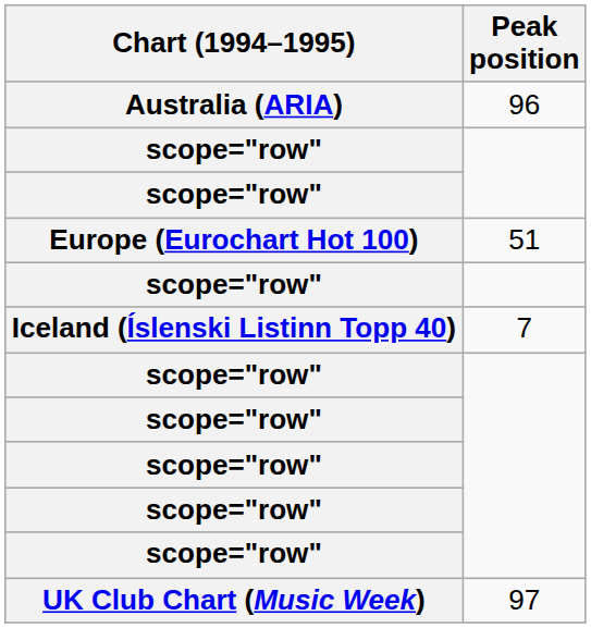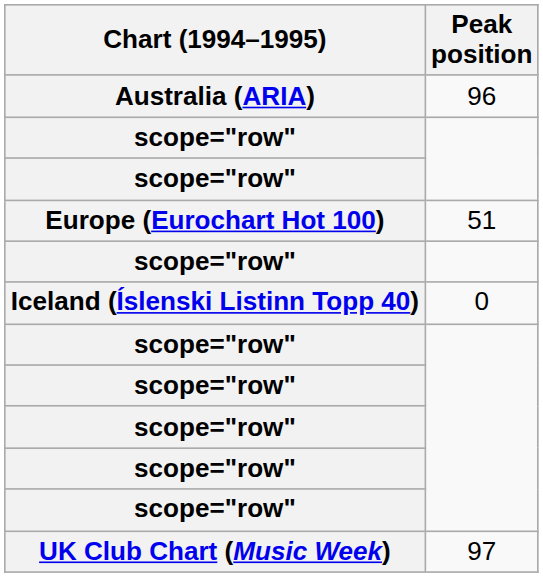 <table class="wikitable sortable plainrowheaders" style="text-align:center">
 <tr>
 <th>Chart (1994–1995)</th>
 <th>Peak<br>position</th>
 </tr>
 <tr>
 <th scope="row">Australia (<a href='#'>ARIA</a>)</th>
 <td>96</td>
 </tr>
 <tr>
 <th>scope="row"</th>
 </tr>
 <tr>
 <th>scope="row"</th>
 </tr>
 <tr>
 <th scope="row">Europe (<a href='#'>Eurochart Hot 100</a>)</th>
 <td>51</td>
 </tr>
 <tr>
 <th>scope="row"</th>
 </tr>
 <tr>
 <th scope="row">Iceland (<a href='#'>Íslenski Listinn Topp 40</a>)</th>
-<td>7</td>
+<td>0</td>
 </tr>
 <tr>
 <th>scope="row"</th>
 </tr>
 <tr>
 <th>scope="row"</th>
 </tr>
 <tr>
 <th>scope="row"</th>
 </tr>
 <tr>
 <th>scope="row"</th>
 </tr>
 <tr>
 <th>scope="row"</th>
 </tr>
 <tr>
 <th scope="row"><a href='#'>UK Club Chart</a> (<em><a href='#'>Music Week</a></em>)</th>
 <td>97</td>
 </tr>
 </table>
